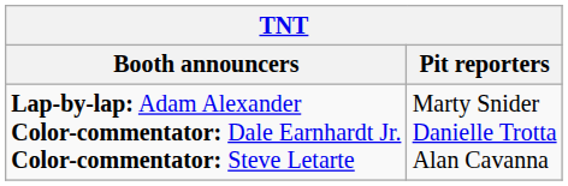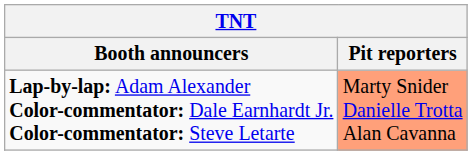 <table class="wikitable" style="font-size: 95%">
 <tr>
 <th colspan="2"><a href='#'>TNT</a></th>
 </tr>
 <tr>
 <th>Booth announcers</th>
 <th>Pit reporters</th>
 </tr>
 <tr>
 <td><strong>Lap-by-lap:</strong> <a href='#'>Adam Alexander</a><br><strong>Color-commentator:</strong> <a href='#'>Dale Earnhardt Jr.</a><br><strong>Color-commentator:</strong> <a href='#'>Steve Letarte</a></td>
-<td>Marty Snider<br><a href='#'>Danielle Trotta</a><br>Alan Cavanna</td>
+<td style="background: lightsalmon;">Marty Snider<br><a href='#'>Danielle Trotta</a><br>Alan Cavanna</td>
 </tr>
 </table>
